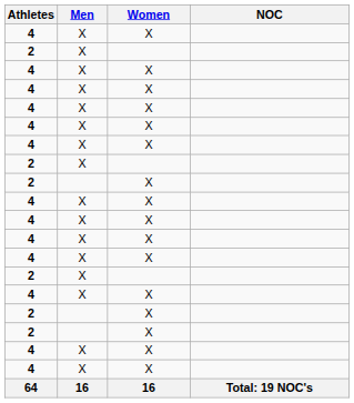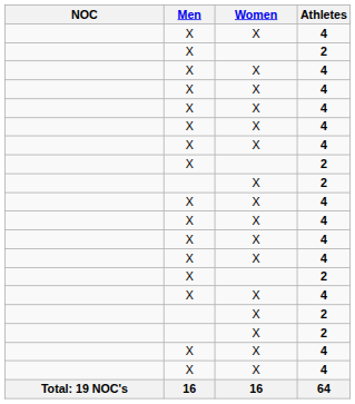 <table class="wikitable sortable" width=420 style="text-align:center; font-size:90%">
 <tr>
-<th width=55>Athletes</th>
+<th>NOC</th>
 <th><a href='#'>Men</a></th>
 <th><a href='#'>Women</a></th>
-<th>NOC</th>
+<th width=55>Athletes</th>
 </tr>
 <tr>
-<td><strong>4</strong></td>
+<td align=left></td>
 <td>X</td>
 <td>X</td>
-<td align=left></td>
+<td><strong>4</strong></td>
 </tr>
 <tr>
-<td><strong>2</strong></td>
+<td align=left></td>
 <td>X</td>
 <td></td>
-<td align=left></td>
+<td><strong>2</strong></td>
 </tr>
 <tr>
-<td><strong>4</strong></td>
+<td align=left></td>
 <td>X</td>
 <td>X</td>
-<td align=left></td>
+<td><strong>4</strong></td>
 </tr>
 <tr>
-<td><strong>4</strong></td>
+<td align=left></td>
 <td>X</td>
 <td>X</td>
-<td align=left></td>
+<td><strong>4</strong></td>
 </tr>
 <tr>
-<td><strong>4</strong></td>
+<td align=left></td>
 <td>X</td>
 <td>X</td>
-<td align=left></td>
+<td><strong>4</strong></td>
 </tr>
 <tr>
-<td><strong>4</strong></td>
+<td align=left></td>
 <td>X</td>
 <td>X</td>
-<td align=left></td>
+<td><strong>4</strong></td>
 </tr>
 <tr>
-<td><strong>4</strong></td>
+<td align=left></td>
 <td>X</td>
 <td>X</td>
-<td align=left></td>
+<td><strong>4</strong></td>
 </tr>
 <tr>
-<td><strong>2</strong></td>
+<td align=left></td>
 <td>X</td>
 <td></td>
-<td align=left></td>
+<td><strong>2</strong></td>
 </tr>
 <tr>
-<td><strong>2</strong></td>
+<td align=left></td>
 <td></td>
 <td>X</td>
-<td align=left></td>
+<td><strong>2</strong></td>
 </tr>
 <tr>
-<td><strong>4</strong></td>
+<td align=left></td>
 <td>X</td>
 <td>X</td>
-<td align=left></td>
+<td><strong>4</strong></td>
 </tr>
 <tr>
-<td><strong>4</strong></td>
+<td align=left></td>
 <td>X</td>
 <td>X</td>
-<td align=left></td>
+<td><strong>4</strong></td>
 </tr>
 <tr>
-<td><strong>4</strong></td>
+<td align=left></td>
 <td>X</td>
 <td>X</td>
-<td align=left></td>
+<td><strong>4</strong></td>
 </tr>
 <tr>
-<td><strong>4</strong></td>
+<td align=left></td>
 <td>X</td>
 <td>X</td>
-<td align=left></td>
+<td><strong>4</strong></td>
 </tr>
 <tr>
-<td><strong>2</strong></td>
+<td align=left></td>
 <td>X</td>
 <td></td>
-<td align=left></td>
+<td><strong>2</strong></td>
 </tr>
 <tr>
-<td><strong>4</strong></td>
+<td align=left></td>
 <td>X</td>
 <td>X</td>
-<td align=left></td>
+<td><strong>4</strong></td>
 </tr>
 <tr>
-<td><strong>2</strong></td>
+<td align=left></td>
 <td></td>
 <td>X</td>
-<td align=left></td>
+<td><strong>2</strong></td>
 </tr>
 <tr>
-<td><strong>2</strong></td>
+<td align=left></td>
 <td></td>
 <td>X</td>
-<td align=left></td>
+<td><strong>2</strong></td>
 </tr>
 <tr>
-<td><strong>4</strong></td>
+<td align=left></td>
 <td>X</td>
 <td>X</td>
-<td align=left></td>
+<td><strong>4</strong></td>
 </tr>
 <tr>
-<td><strong>4</strong></td>
+<td align=left></td>
 <td>X</td>
 <td>X</td>
-<td align=left></td>
+<td><strong>4</strong></td>
 </tr>
 <tr>
-<th>64</th>
+<th>Total: 19 NOC's</th>
 <th>16</th>
 <th>16</th>
-<th>Total: 19 NOC's</th>
+<th>64</th>
 </tr>
 </table>
